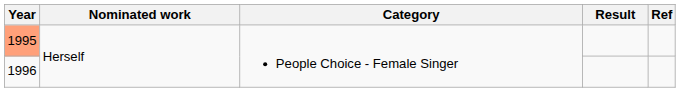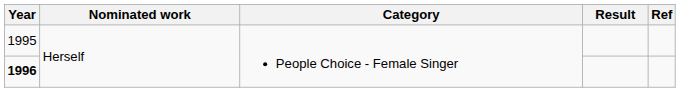 <table class="wikitable">
 <tr>
 <th style="width:10px;">Year</th>
 <th style="width:237px;">Nominated work</th>
 <th style="width:410px;">Category</th>
 <th style="width:73px;">Result</th>
 <th>Ref</th>
 </tr>
 <tr>
-<td style="background: lightsalmon;">1995</td>
+<td>1995</td>
 <td rowspan=2>Herself</td>
 <td rowspan=2><br><ul><li>People Choice - Female Singer</li></ul></td>
 <td></td>
 <td align=center></td>
 </tr>
 <tr>
-<td>1996</td>
+<td><strong>1996</strong></td>
 <td></td>
 <td align=center></td>
 </tr>
 </table>
